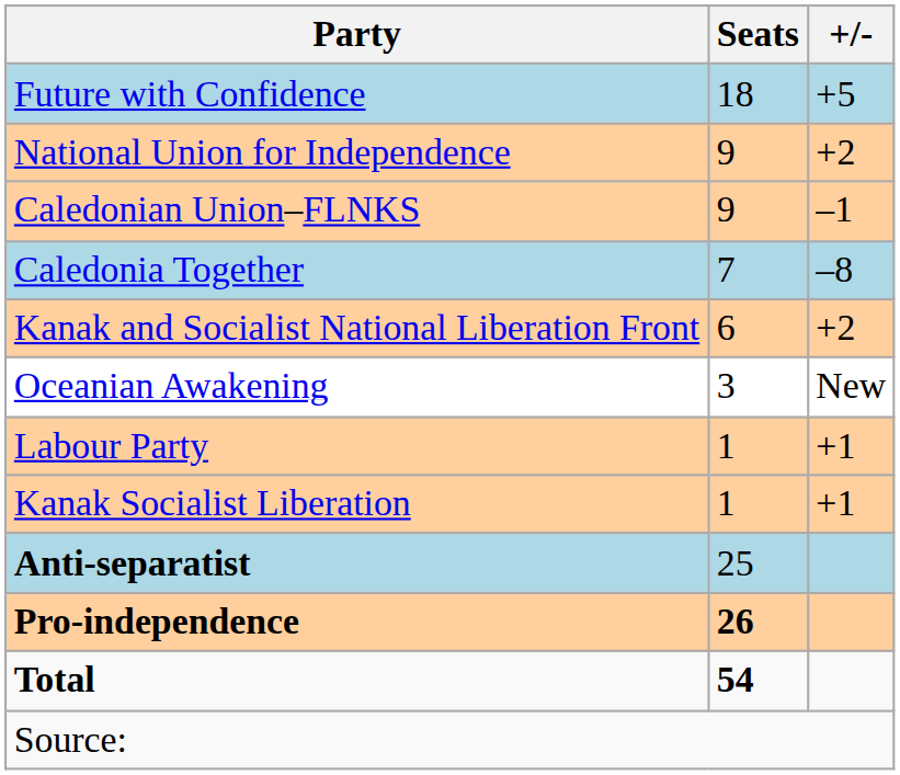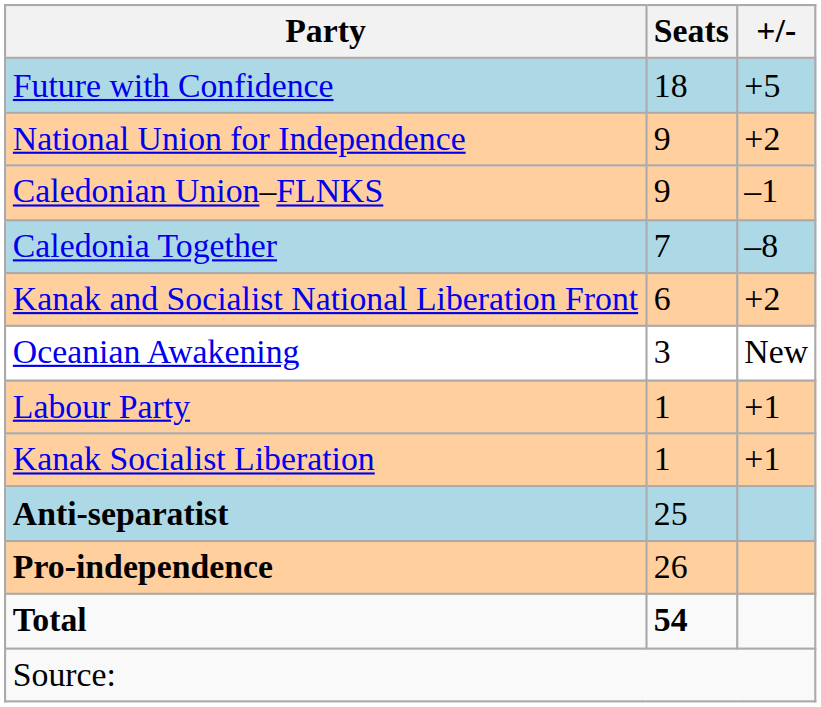 <table class="wikitable">
 <tr>
 <th>Party</th>
 <th>Seats</th>
 <th>+/-</th>
 </tr>
 <tr style="background:#ADD8E6">
 <td><a href='#'>Future with Confidence</a></td>
 <td>18</td>
 <td>+5</td>
 </tr>
 <tr style="background:#FFCF9E">
 <td><a href='#'>National Union for Independence</a></td>
 <td>9</td>
 <td>+2</td>
 </tr>
 <tr style="background:#FFCF9E">
 <td><a href='#'>Caledonian Union</a>–<a href='#'>FLNKS</a></td>
 <td>9</td>
 <td>–1</td>
 </tr>
 <tr style="background:#ADD8E6">
 <td><a href='#'>Caledonia Together</a></td>
 <td>7</td>
 <td>–8</td>
 </tr>
 <tr style="background:#FFCF9E">
 <td><a href='#'>Kanak and Socialist National Liberation Front</a></td>
 <td>6</td>
 <td>+2</td>
 </tr>
 <tr style="background:#FFFFFF">
 <td><a href='#'>Oceanian Awakening</a></td>
 <td>3</td>
 <td>New</td>
 </tr>
 <tr style="background:#FFCF9E">
 <td><a href='#'>Labour Party</a></td>
 <td>1</td>
 <td>+1</td>
 </tr>
 <tr style="background:#FFCF9E">
 <td><a href='#'>Kanak Socialist Liberation</a></td>
 <td>1</td>
 <td>+1</td>
 </tr>
 <tr style="background:#ADD8E6">
 <td><strong>Anti-separatist</strong></td>
 <td>25</td>
 <td></td>
 </tr>
 <tr style="background:#FFCF9E">
 <td><strong>Pro-independence</strong></td>
-<td><strong>26</strong></td>
+<td>26</td>
 <td></td>
 </tr>
 <tr>
 <td><strong>Total</strong></td>
 <td><strong>54</strong></td>
 <td></td>
 </tr>
 <tr>
 <td colspan="3">Source: </td>
 </tr>
 </table>
